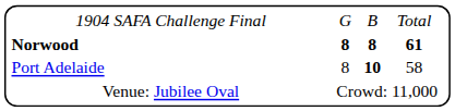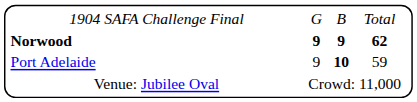 <table style="margin-right:4px; margin-top:8px; float:right; border:1px #000 solid; border-radius:8px; background:#fff; font-family:Verdana; font-size:8pt; text-align:center;">
 <tr>
 <td width=200><em>1904 SAFA Challenge Final</em></td>
 <td><em>G</em></td>
 <td><em>B</em></td>
 <td><em>Total</em></td>
 </tr>
 <tr>
 <td style="text-align:left"><strong>Norwood</strong></td>
-<td><strong>8</strong></td>
-<td><strong>8</strong></td>
-<td><strong>61</strong></td>
+<td><strong>9</strong></td>
+<td><strong>9</strong></td>
+<td><strong>62</strong></td>
 </tr>
 <tr>
 <td style="text-align:left"><a href='#'>Port Adelaide</a></td>
-<td>8</td>
+<td>9</td>
 <td><strong>10</strong></td>
-<td>58</td>
+<td>59</td>
 </tr>
 <tr>
 <td>Venue: <a href='#'>Jubilee Oval</a></td>
 <td colspan=3>Crowd: 11,000</td>
 <td colspan=3></td>
 </tr>
 </table>
